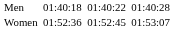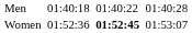 <table>
 <tr>
 <td>Men</td>
 <td></td>
 <td>01:40:18</td>
 <td></td>
 <td>01:40:22</td>
 <td></td>
 <td>01:40:28</td>
 </tr>
 <tr>
 <td>Women</td>
 <td></td>
 <td>01:52:36</td>
 <td></td>
-<td>01:52:45</td>
+<td><strong>01:52:45</strong></td>
 <td></td>
 <td>01:53:07</td>
 </tr>
 </table>
